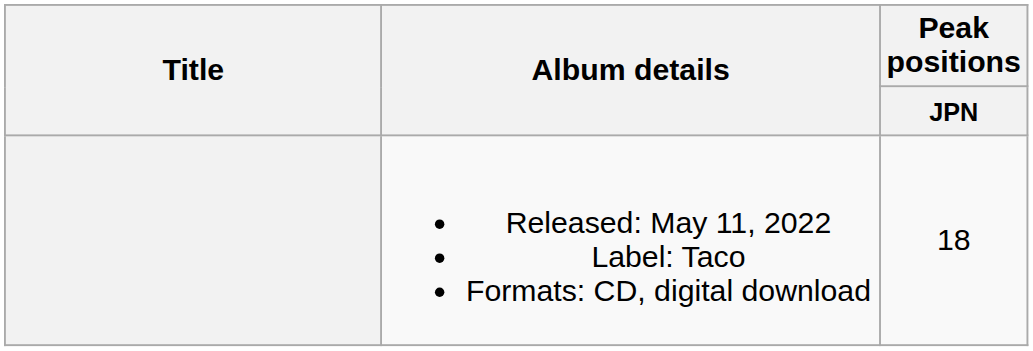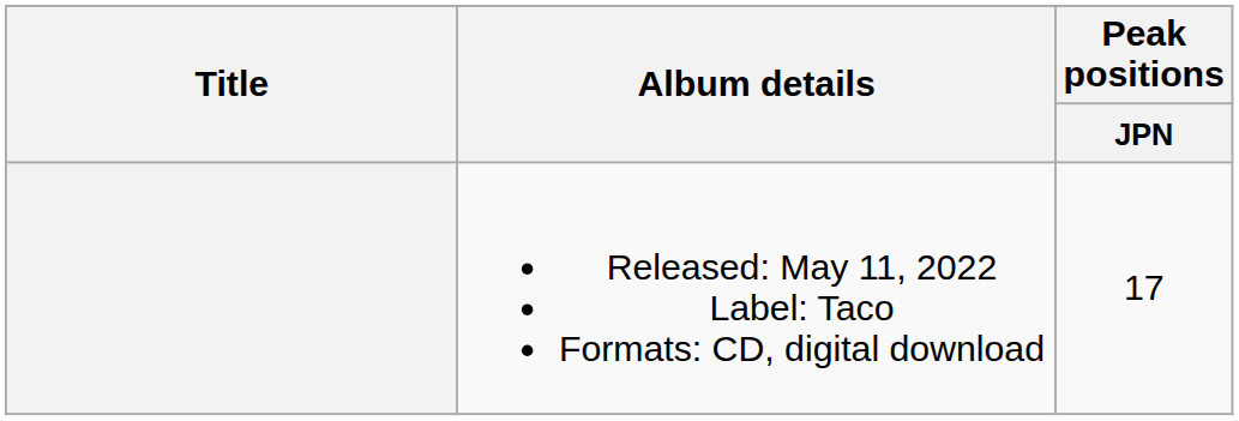 <table class="wikitable plainrowheaders" style="text-align:center;">
 <tr>
 <th rowspan="2" style="width:12em;">Title</th>
 <th rowspan="2" style="width:16em;">Album details</th>
 <th colspan="1">Peak positions</th>
 </tr>
 <tr>
 <th style="width:2.5em;"><small>JPN</small><br></th>
 </tr>
 <tr>
 <th scope="row"></th>
 <td><br><ul><li>Released: May 11, 2022</li><li>Label: Taco</li><li>Formats: CD, digital download</li></ul></td>
-<td>18</td>
+<td>17</td>
 </tr>
 </table>
